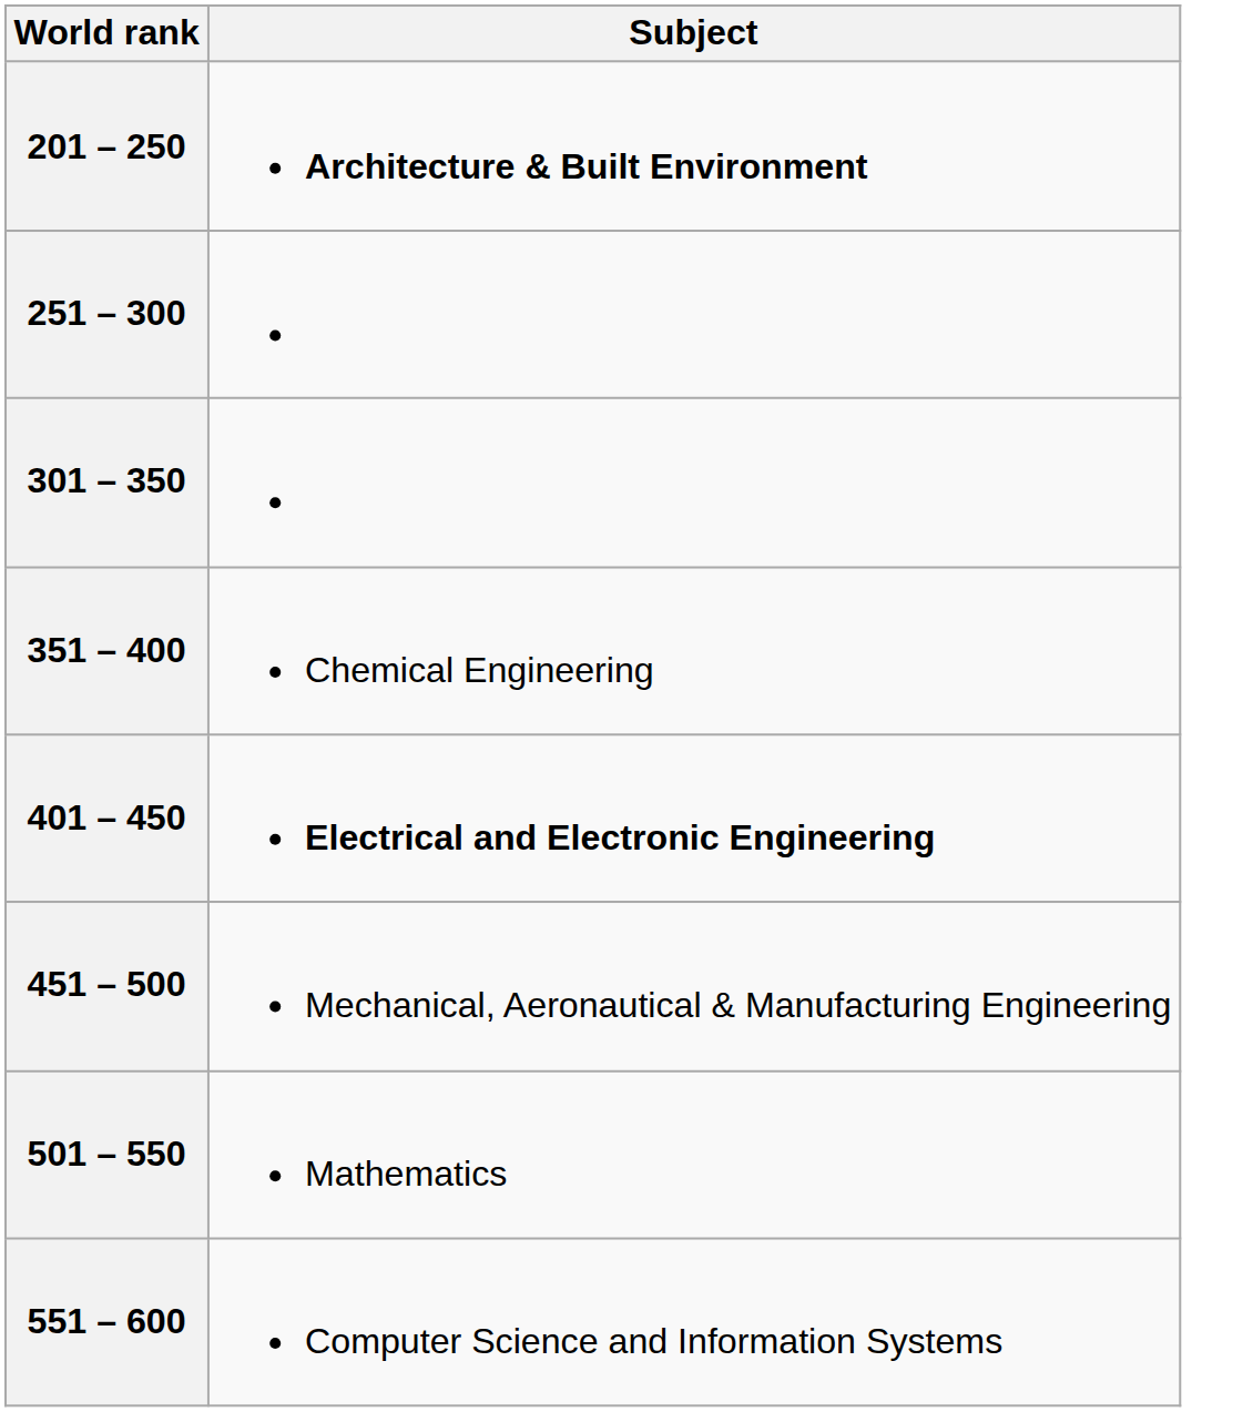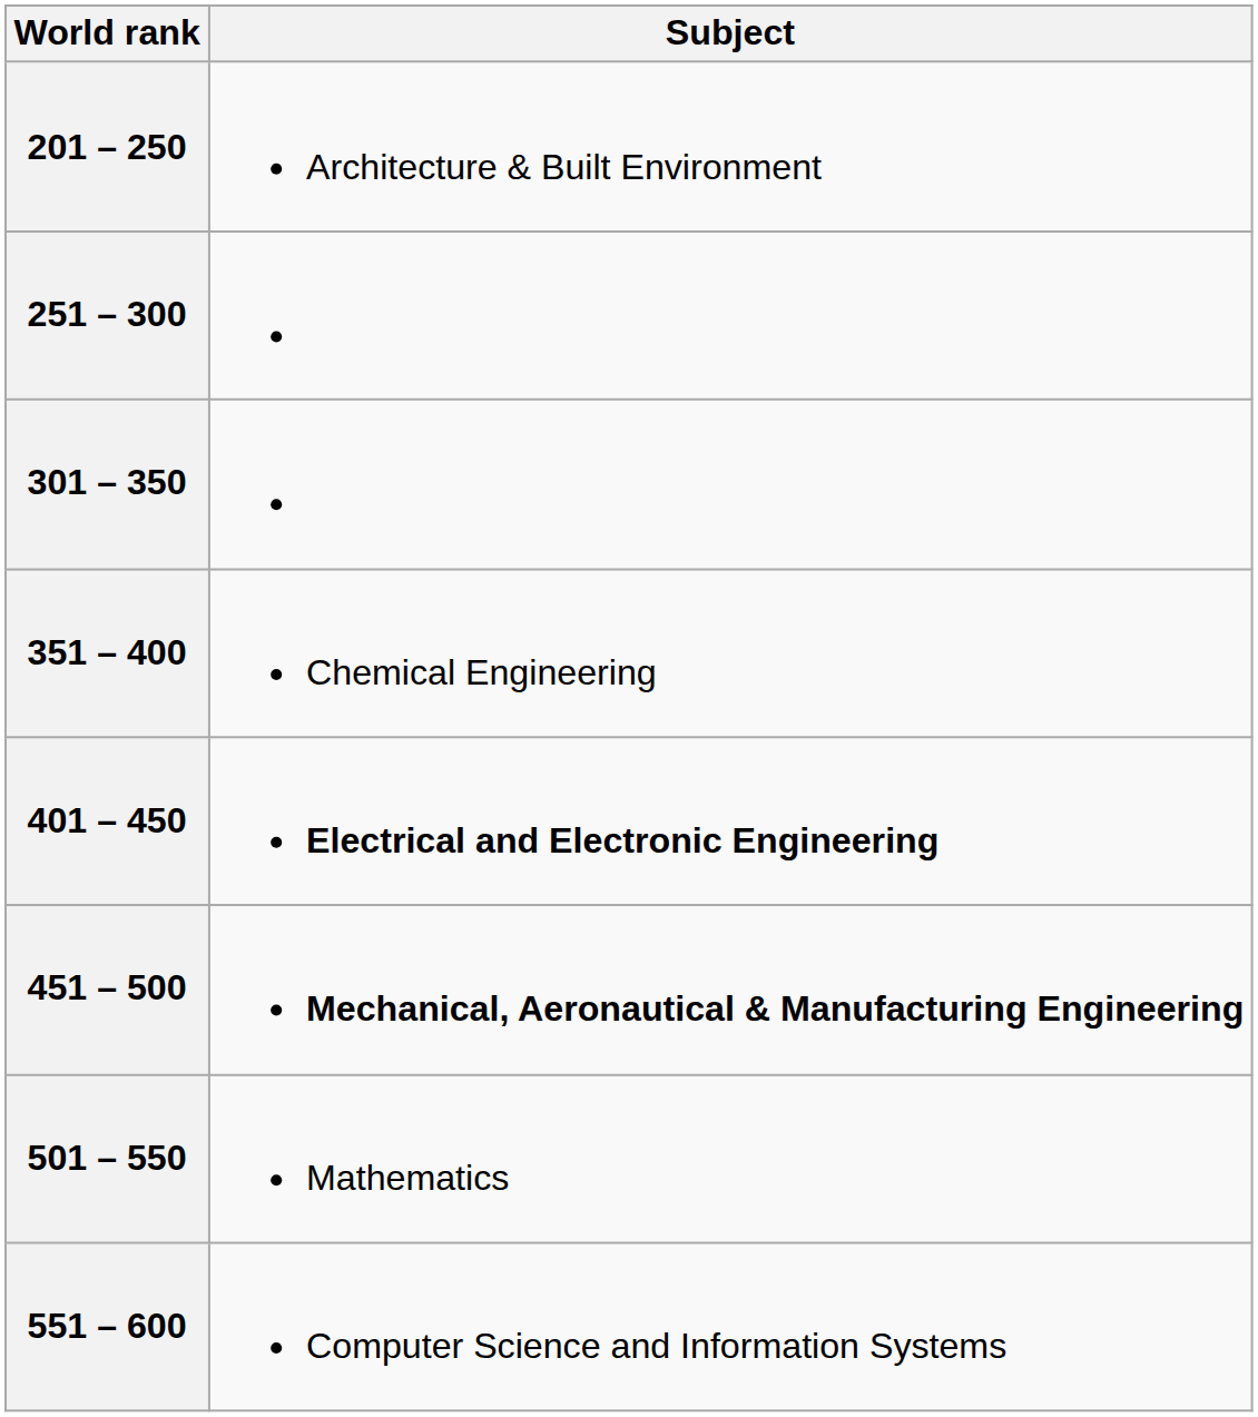 <table class="wikitable">
 <tr>
 <th>World rank</th>
 <th>Subject</th>
 </tr>
 <tr>
 <th><strong>201 – 250</strong></th>
-<td><strong><br><ul><li>Architecture & Built Environment</li></ul></strong></td>
+<td><br><ul><li>Architecture & Built Environment</li></ul></td>
 </tr>
 <tr>
 <th><strong>251 – 300</strong></th>
 <td><br><ul><li></li></ul></td>
 </tr>
 <tr>
 <th><strong>301 – 350</strong></th>
 <td><br><ul><li></li></ul></td>
 </tr>
 <tr>
 <th><strong>351 – 400</strong></th>
 <td><br><ul><li>Chemical Engineering</li></ul></td>
 </tr>
 <tr>
 <th><strong>401 – 450</strong></th>
 <td><strong><br><ul><li>Electrical and Electronic Engineering</li></ul></strong></td>
 </tr>
 <tr>
 <th><strong>451 – 500</strong></th>
-<td><br><ul><li>Mechanical, Aeronautical & Manufacturing Engineering</li></ul></td>
+<td><strong><br><ul><li>Mechanical, Aeronautical & Manufacturing Engineering</li></ul></strong></td>
 </tr>
 <tr>
 <th><strong>501 – 550</strong></th>
 <td><br><ul><li>Mathematics</li></ul></td>
 </tr>
 <tr>
 <th><strong>551 – 600</strong></th>
 <td><br><ul><li>Computer Science and Information Systems</li></ul></td>
 </tr>
 </table>
